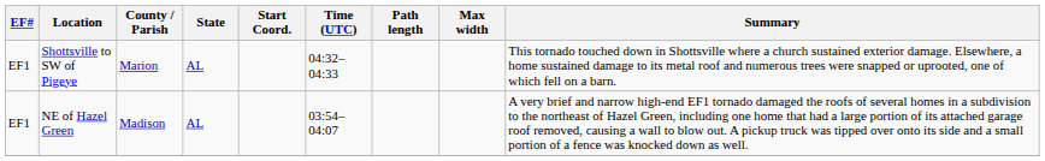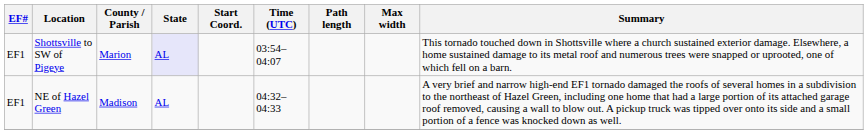 <table class="wikitable sortable" style="width:100%;">
 <tr>
 <th scope="col"  style="width:3%; text-align:center;"><a href='#'>EF#</a></th>
 <th scope="col"  style="width:7%; text-align:center;" class="unsortable">Location</th>
 <th scope="col"  style="width:6%; text-align:center;" class="unsortable">County / Parish</th>
 <th scope="col"  style="width:5%; text-align:center;">State</th>
 <th scope="col"  style="width:6%; text-align:center;">Start Coord.</th>
 <th scope="col"  style="width:6%; text-align:center;">Time (<a href='#'>UTC</a>)</th>
 <th scope="col"  style="width:6%; text-align:center;">Path length</th>
 <th scope="col"  style="width:6%; text-align:center;">Max width</th>
 <th scope="col" class="unsortable" style="width:48%; text-align:center;">Summary</th>
 </tr>
 <tr>
 <td>EF1</td>
 <td><a href='#'>Shottsville</a> to SW of <a href='#'>Pigeye</a></td>
 <td><a href='#'>Marion</a></td>
-<td><a href='#'>AL</a></td>
+<td style="background: lavender;"><a href='#'>AL</a></td>
 <td></td>
-<td>04:32–04:33</td>
+<td>03:54–04:07</td>
 <td></td>
 <td></td>
 <td>This tornado touched down in Shottsville where a church sustained exterior damage. Elsewhere, a home sustained damage to its metal roof and numerous trees were snapped or uprooted, one of which fell on a barn.</td>
 </tr>
 <tr>
 <td>EF1</td>
 <td>NE of <a href='#'>Hazel Green</a></td>
 <td><a href='#'>Madison</a></td>
 <td><a href='#'>AL</a></td>
 <td></td>
-<td>03:54–04:07</td>
+<td>04:32–04:33</td>
 <td></td>
 <td></td>
 <td>A very brief and narrow high-end EF1 tornado damaged the roofs of several homes in a subdivision to the northeast of Hazel Green, including one home that had a large portion of its attached garage roof removed, causing a wall to blow out. A pickup truck was tipped over onto its side and a small portion of a fence was knocked down as well.</td>
 </tr>
 <tr>
 </tr>
 </table>
